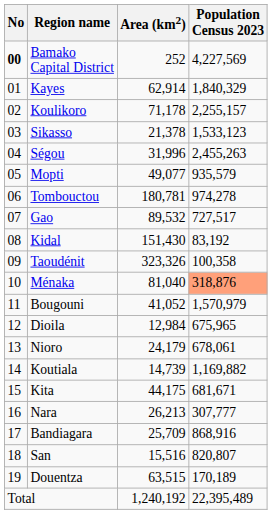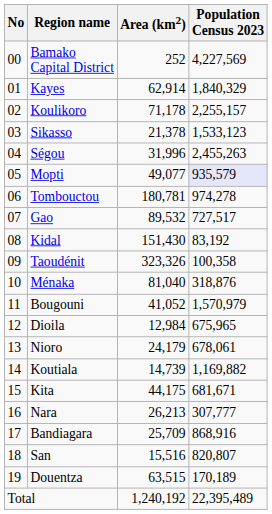 <table class="sortable wikitable">
 <tr>
 <th>No</th>
 <th>Region name</th>
 <th>Area (km<sup>2</sup>)</th>
 <th>Population<br>Census 2023</th>
 </tr>
 <tr>
-<td><strong>00</strong></td>
+<td>00</td>
 <td><a href='#'>Bamako<br>Capital District</a></td>
 <td align="right">252</td>
 <td>4,227,569</td>
 </tr>
 <tr>
 <td>01</td>
 <td><a href='#'>Kayes</a></td>
 <td align="right">62,914</td>
 <td>1,840,329</td>
 </tr>
 <tr>
 <td>02</td>
 <td><a href='#'>Koulikoro</a></td>
 <td align="right">71,178</td>
 <td>2,255,157</td>
 </tr>
 <tr>
 <td>03</td>
 <td><a href='#'>Sikasso</a></td>
 <td align="right">21,378</td>
 <td>1,533,123</td>
 </tr>
 <tr>
 <td>04</td>
 <td><a href='#'>Ségou</a></td>
 <td align="right">31,996</td>
 <td>2,455,263</td>
 </tr>
 <tr>
 <td>05</td>
 <td><a href='#'>Mopti</a></td>
 <td align="right">49,077</td>
-<td>935,579</td>
+<td style="background: lavender;">935,579</td>
 </tr>
 <tr>
 <td>06</td>
 <td><a href='#'>Tombouctou</a></td>
 <td align="right">180,781</td>
 <td>974,278</td>
 </tr>
 <tr>
 <td>07</td>
 <td><a href='#'>Gao</a></td>
 <td align="right">89,532</td>
 <td>727,517</td>
 </tr>
 <tr>
 <td>08</td>
 <td><a href='#'>Kidal</a></td>
 <td align="right">151,430</td>
 <td>83,192</td>
 </tr>
 <tr>
 <td>09</td>
 <td><a href='#'>Taoudénit</a></td>
 <td align="right">323,326</td>
 <td>100,358</td>
 </tr>
 <tr>
 <td>10</td>
 <td><a href='#'>Ménaka</a></td>
 <td align="right">81,040</td>
-<td style="background: lightsalmon;">318,876</td>
+<td>318,876</td>
 </tr>
 <tr>
 <td>11</td>
 <td>Bougouni</td>
 <td align="right">41,052</td>
 <td>1,570,979</td>
 </tr>
 <tr>
 <td>12</td>
 <td>Dioila</td>
 <td align="right">12,984</td>
 <td>675,965</td>
 </tr>
 <tr>
 <td>13</td>
 <td>Nioro</td>
 <td align="right">24,179</td>
 <td>678,061</td>
 </tr>
 <tr>
 <td>14</td>
 <td>Koutiala</td>
 <td align="right">14,739</td>
 <td>1,169,882</td>
 </tr>
 <tr>
 <td>15</td>
 <td>Kita</td>
 <td align="right">44,175</td>
 <td>681,671</td>
 </tr>
 <tr>
 <td>16</td>
 <td>Nara</td>
 <td align="right">26,213</td>
 <td>307,777</td>
 </tr>
 <tr>
 <td>17</td>
 <td>Bandiagara</td>
 <td align="right">25,709</td>
 <td>868,916</td>
 </tr>
 <tr>
 <td>18</td>
 <td>San</td>
 <td align="right">15,516</td>
 <td>820,807</td>
 </tr>
 <tr>
 <td>19</td>
 <td>Douentza</td>
 <td align="right">63,515</td>
 <td>170,189</td>
 </tr>
 <tr>
 <td colspan="2">Total</td>
 <td align="right">1,240,192</td>
 <td>22,395,489</td>
 </tr>
 </table>
